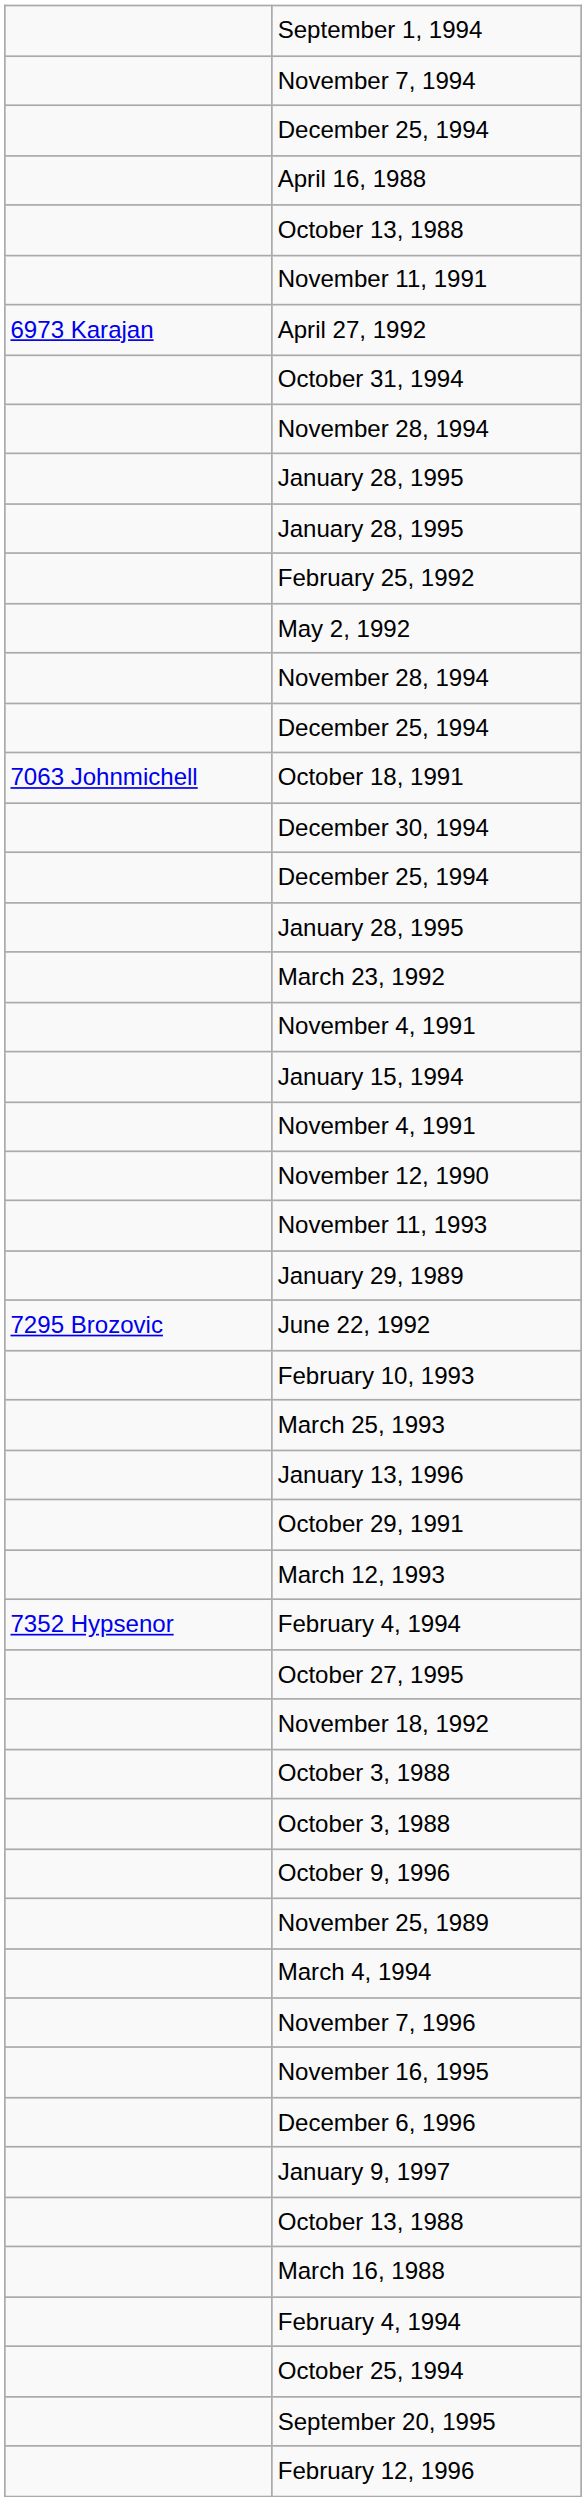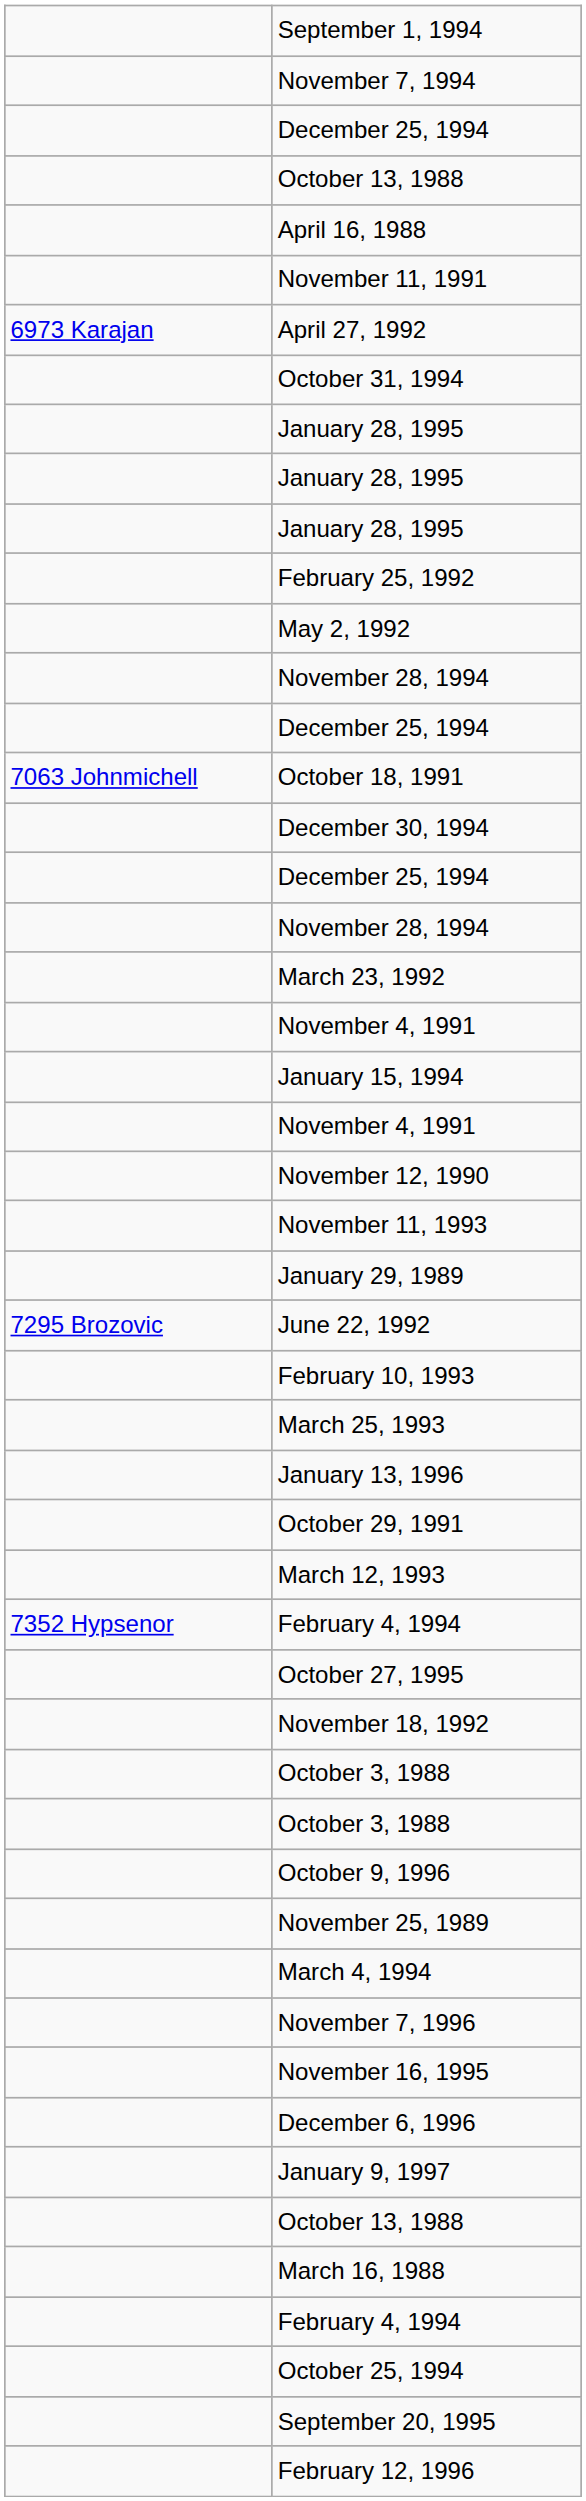 <table class="wikitable" style="font-size: 89%; float: left; width: 24em; margin-right: 1em; line-height: 1.6em !important;  height: 1250px;">
 <tr>
 <td></td>
 <td>September 1, 1994</td>
 </tr>
 <tr>
 <td></td>
 <td>November 7, 1994</td>
 </tr>
 <tr>
 <td></td>
 <td>December 25, 1994</td>
 </tr>
 <tr>
 <td></td>
-<td>April 16, 1988</td>
+<td>October 13, 1988</td>
 </tr>
 <tr>
 <td></td>
-<td>October 13, 1988</td>
+<td>April 16, 1988</td>
 </tr>
 <tr>
 <td></td>
 <td>November 11, 1991</td>
 </tr>
 <tr>
 <td><a href='#'>6973 Karajan</a></td>
 <td>April 27, 1992</td>
 </tr>
 <tr>
 <td></td>
 <td>October 31, 1994</td>
 </tr>
 <tr>
 <td></td>
-<td>November 28, 1994</td>
+<td>January 28, 1995</td>
 </tr>
 <tr>
 <td></td>
 <td>January 28, 1995</td>
 </tr>
 <tr>
 <td></td>
 <td>January 28, 1995</td>
 </tr>
 <tr>
 <td></td>
 <td>February 25, 1992</td>
 </tr>
 <tr>
 <td></td>
 <td>May 2, 1992</td>
 </tr>
 <tr>
 <td></td>
 <td>November 28, 1994</td>
 </tr>
 <tr>
 <td></td>
 <td>December 25, 1994</td>
 </tr>
 <tr>
 <td><a href='#'>7063 Johnmichell</a></td>
 <td>October 18, 1991</td>
 </tr>
 <tr>
 <td></td>
 <td>December 30, 1994</td>
 </tr>
 <tr>
 <td></td>
 <td>December 25, 1994</td>
 </tr>
 <tr>
 <td></td>
-<td>January 28, 1995</td>
+<td>November 28, 1994</td>
 </tr>
 <tr>
 <td></td>
 <td>March 23, 1992</td>
 </tr>
 <tr>
 <td></td>
 <td>November 4, 1991</td>
 </tr>
 <tr>
 <td></td>
 <td>January 15, 1994</td>
 </tr>
 <tr>
 <td></td>
 <td>November 4, 1991</td>
 </tr>
 <tr>
 <td></td>
 <td>November 12, 1990</td>
 </tr>
 <tr>
 <td></td>
 <td>November 11, 1993</td>
 </tr>
 <tr>
 <td></td>
 <td>January 29, 1989</td>
 </tr>
 <tr>
 <td><a href='#'>7295 Brozovic</a></td>
 <td>June 22, 1992</td>
 </tr>
 <tr>
 <td></td>
 <td>February 10, 1993</td>
 </tr>
 <tr>
 <td></td>
 <td>March 25, 1993</td>
 </tr>
 <tr>
 <td></td>
 <td>January 13, 1996</td>
 </tr>
 <tr>
 <td></td>
 <td>October 29, 1991</td>
 </tr>
 <tr>
 <td></td>
 <td>March 12, 1993</td>
 </tr>
 <tr>
 <td><a href='#'>7352 Hypsenor</a></td>
 <td>February 4, 1994</td>
 </tr>
 <tr>
 <td></td>
 <td>October 27, 1995</td>
 </tr>
 <tr>
 <td></td>
 <td>November 18, 1992</td>
 </tr>
 <tr>
 <td></td>
 <td>October 3, 1988</td>
 </tr>
 <tr>
 <td></td>
 <td>October 3, 1988</td>
 </tr>
 <tr>
 <td></td>
 <td>October 9, 1996</td>
 </tr>
 <tr>
 <td></td>
 <td>November 25, 1989</td>
 </tr>
 <tr>
 <td></td>
 <td>March 4, 1994</td>
 </tr>
 <tr>
 <td></td>
 <td>November 7, 1996</td>
 </tr>
 <tr>
 <td></td>
 <td>November 16, 1995</td>
 </tr>
 <tr>
 <td></td>
 <td>December 6, 1996</td>
 </tr>
 <tr>
 <td></td>
 <td>January 9, 1997</td>
 </tr>
 <tr>
 <td></td>
 <td>October 13, 1988</td>
 </tr>
 <tr>
 <td></td>
 <td>March 16, 1988</td>
 </tr>
 <tr>
 <td></td>
 <td>February 4, 1994</td>
 </tr>
 <tr>
 <td></td>
 <td>October 25, 1994</td>
 </tr>
 <tr>
 <td></td>
 <td>September 20, 1995</td>
 </tr>
 <tr>
 <td></td>
 <td>February 12, 1996</td>
 </tr>
 </table>
